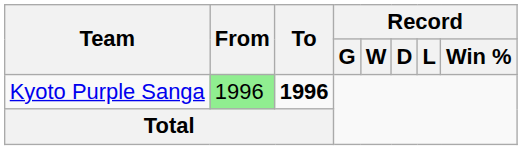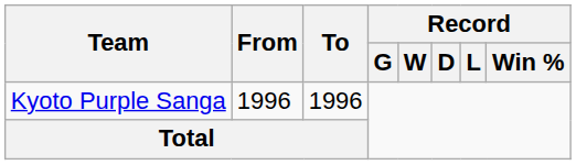 <table class="wikitable" style="text-align: center">
 <tr>
 <th rowspan="2">Team</th>
 <th rowspan="2">From</th>
 <th rowspan="2">To</th>
 <th colspan="5">Record</th>
 </tr>
 <tr>
 <th>G</th>
 <th>W</th>
 <th>D</th>
 <th>L</th>
 <th>Win %</th>
 </tr>
 <tr>
 <td align="left"><a href='#'>Kyoto Purple Sanga</a></td>
-<td align="left" style="background: lightgreen;">1996</td>
-<td align="left"><strong>1996<br></strong></td>
+<td align="left">1996</td>
+<td align="left">1996<br></td>
 </tr>
 <tr>
 <th colspan="3">Total<br></th>
 </tr>
 </table>
